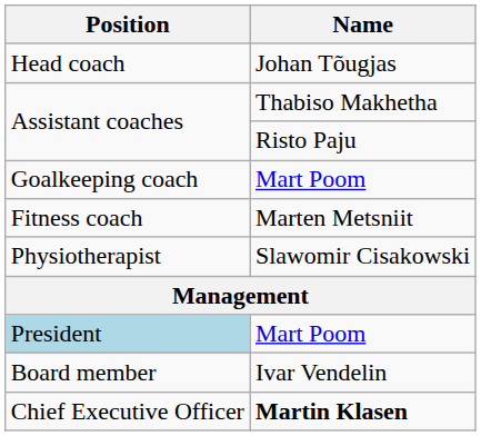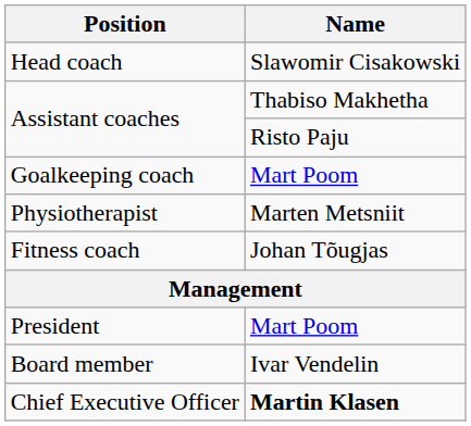 <table class="wikitable" style="text-align:left;">
 <tr>
 <th>Position</th>
 <th>Name</th>
 </tr>
 <tr>
 <td>Head coach</td>
-<td> Johan Tõugjas</td>
+<td> Slawomir Cisakowski</td>
 </tr>
 <tr>
 <td rowspan=2>Assistant coaches</td>
 <td> Thabiso Makhetha</td>
 </tr>
 <tr>
 <td> Risto Paju</td>
 </tr>
 <tr>
 <td>Goalkeeping coach</td>
 <td> <a href='#'>Mart Poom</a></td>
 </tr>
 <tr>
-<td>Fitness coach</td>
+<td>Physiotherapist</td>
 <td> Marten Metsniit</td>
 </tr>
 <tr>
-<td>Physiotherapist</td>
-<td> Slawomir Cisakowski</td>
+<td>Fitness coach</td>
+<td> Johan Tõugjas</td>
 </tr>
 <tr>
 <th colspan=2><strong>Management</strong></th>
 </tr>
 <tr>
-<td style="background: lightblue;">President</td>
+<td>President</td>
 <td> <a href='#'>Mart Poom</a></td>
 </tr>
 <tr>
 <td>Board member</td>
 <td> Ivar Vendelin</td>
 </tr>
 <tr>
 <td>Chief Executive Officer</td>
 <td><strong> Martin Klasen</strong></td>
 </tr>
 </table>
